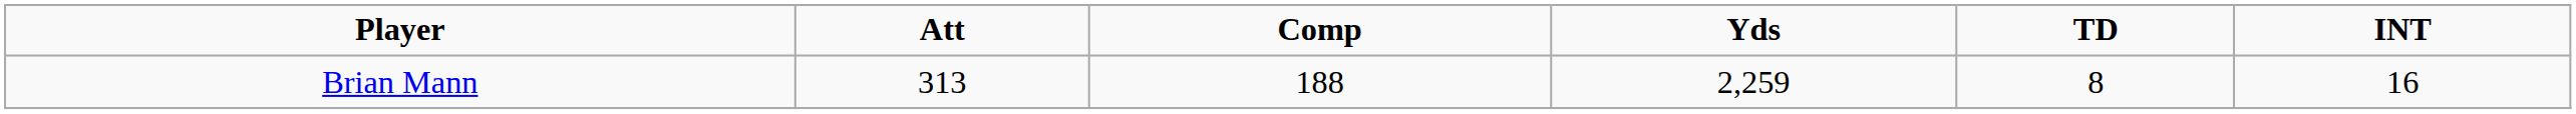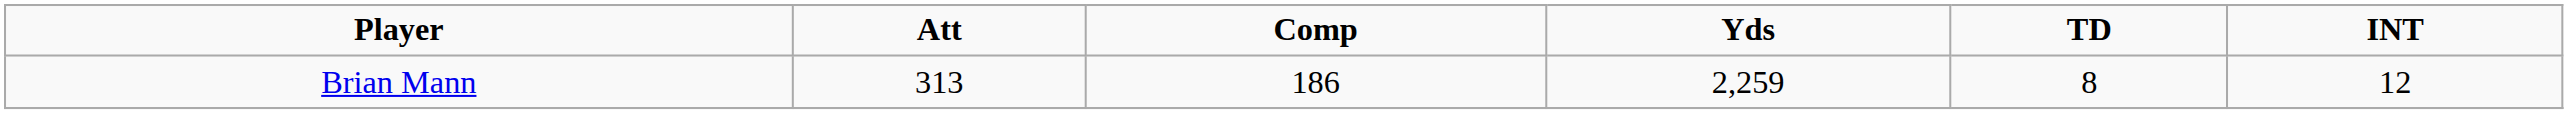 <table class="wikitable" width="80%">
 <tr align="center">
 <td><strong>Player</strong></td>
 <td><strong>Att</strong></td>
 <td><strong>Comp</strong></td>
 <td><strong>Yds</strong></td>
 <td><strong>TD</strong></td>
 <td><strong>INT</strong></td>
 </tr>
 <tr align="center" bgcolor="">
 <td><a href='#'>Brian Mann</a></td>
 <td>313</td>
-<td>188</td>
+<td>186</td>
 <td>2,259</td>
 <td>8</td>
-<td>16</td>
+<td>12</td>
 </tr>
 <tr align="center" bgcolor="">
 </tr>
 </table>
